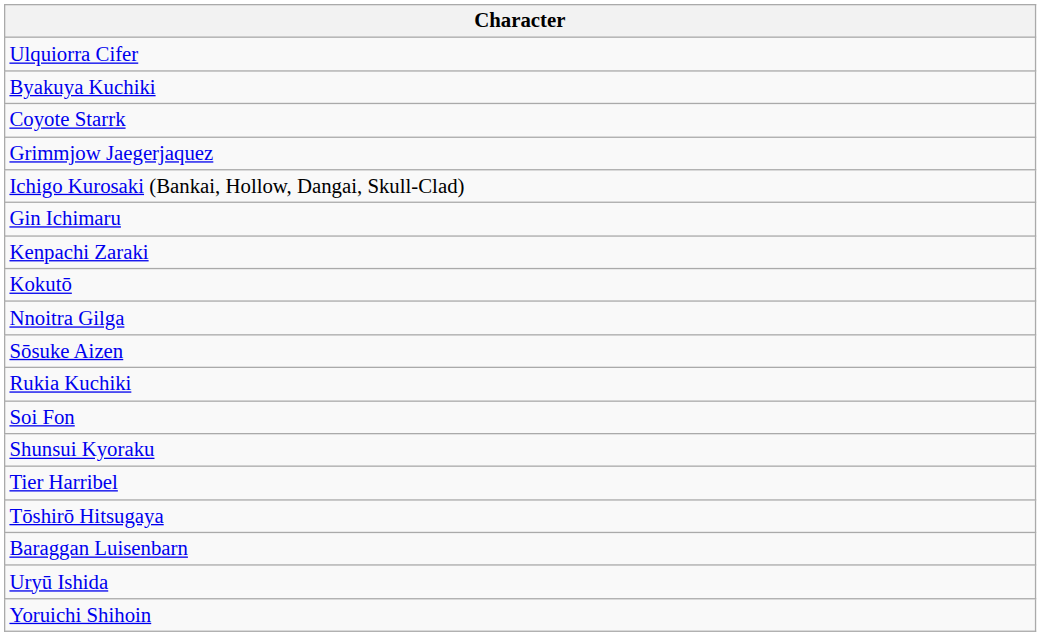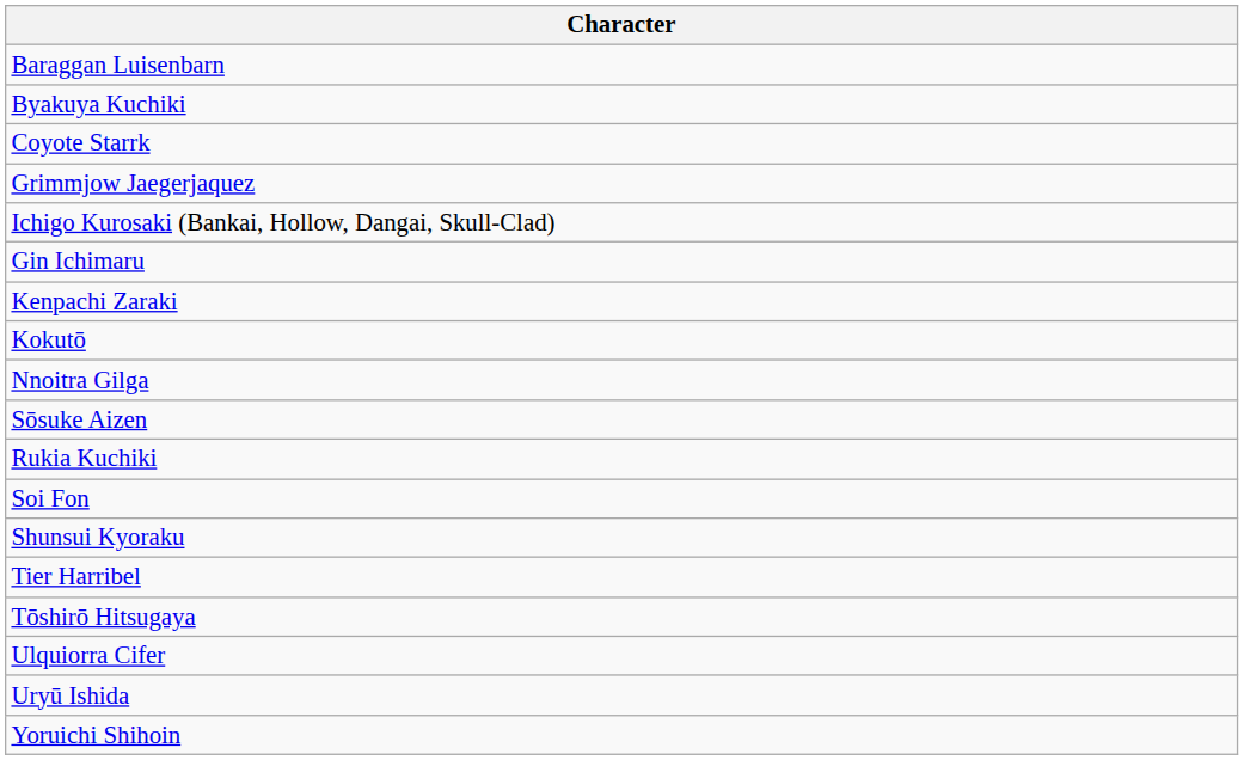 <table class="wikitable"  style="width:40%">
 <tr>
 <th style="width:20%;">Character</th>
 </tr>
 <tr>
-<td><a href='#'>Ulquiorra Cifer</a></td>
+<td><a href='#'>Baraggan Luisenbarn</a></td>
 </tr>
 <tr>
 <td><a href='#'>Byakuya Kuchiki</a></td>
 </tr>
 <tr>
 <td><a href='#'>Coyote Starrk</a></td>
 </tr>
 <tr>
 <td><a href='#'>Grimmjow Jaegerjaquez</a></td>
 </tr>
 <tr>
 <td><a href='#'>Ichigo Kurosaki</a> (Bankai, Hollow, Dangai, Skull-Clad)</td>
 </tr>
 <tr>
 <td><a href='#'>Gin Ichimaru</a></td>
 </tr>
 <tr>
 <td><a href='#'>Kenpachi Zaraki</a></td>
 </tr>
 <tr>
 <td><a href='#'>Kokutō</a></td>
 </tr>
 <tr>
 <td><a href='#'>Nnoitra Gilga</a></td>
 </tr>
 <tr>
 <td><a href='#'>Sōsuke Aizen</a></td>
 </tr>
 <tr>
 <td><a href='#'>Rukia Kuchiki</a></td>
 </tr>
 <tr>
 <td><a href='#'>Soi Fon</a></td>
 </tr>
 <tr>
 <td><a href='#'>Shunsui Kyoraku</a></td>
 </tr>
 <tr>
 <td><a href='#'>Tier Harribel</a></td>
 </tr>
 <tr>
 <td><a href='#'>Tōshirō Hitsugaya</a></td>
 </tr>
 <tr>
-<td><a href='#'>Baraggan Luisenbarn</a></td>
+<td><a href='#'>Ulquiorra Cifer</a></td>
 </tr>
 <tr>
 <td><a href='#'>Uryū Ishida</a></td>
 </tr>
 <tr>
 <td><a href='#'>Yoruichi Shihoin</a></td>
 </tr>
 </table>
